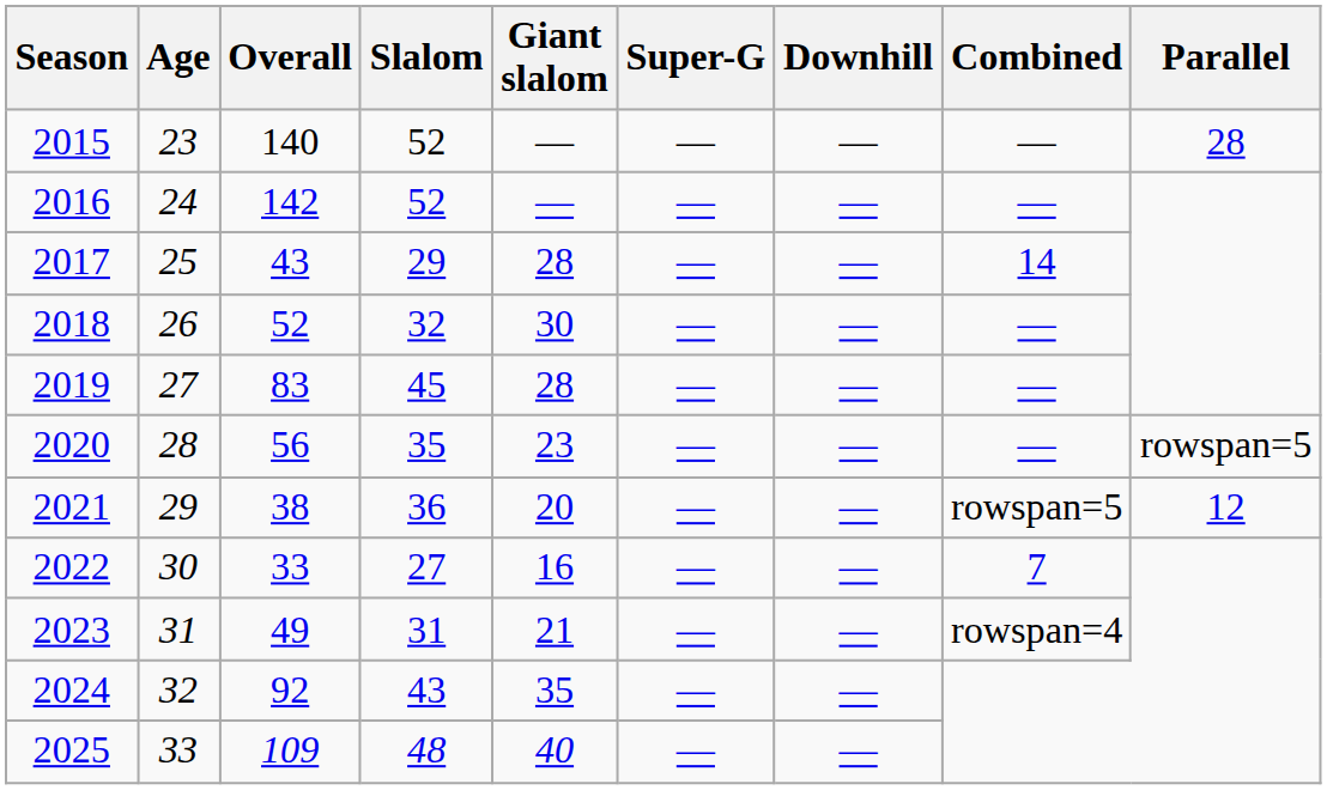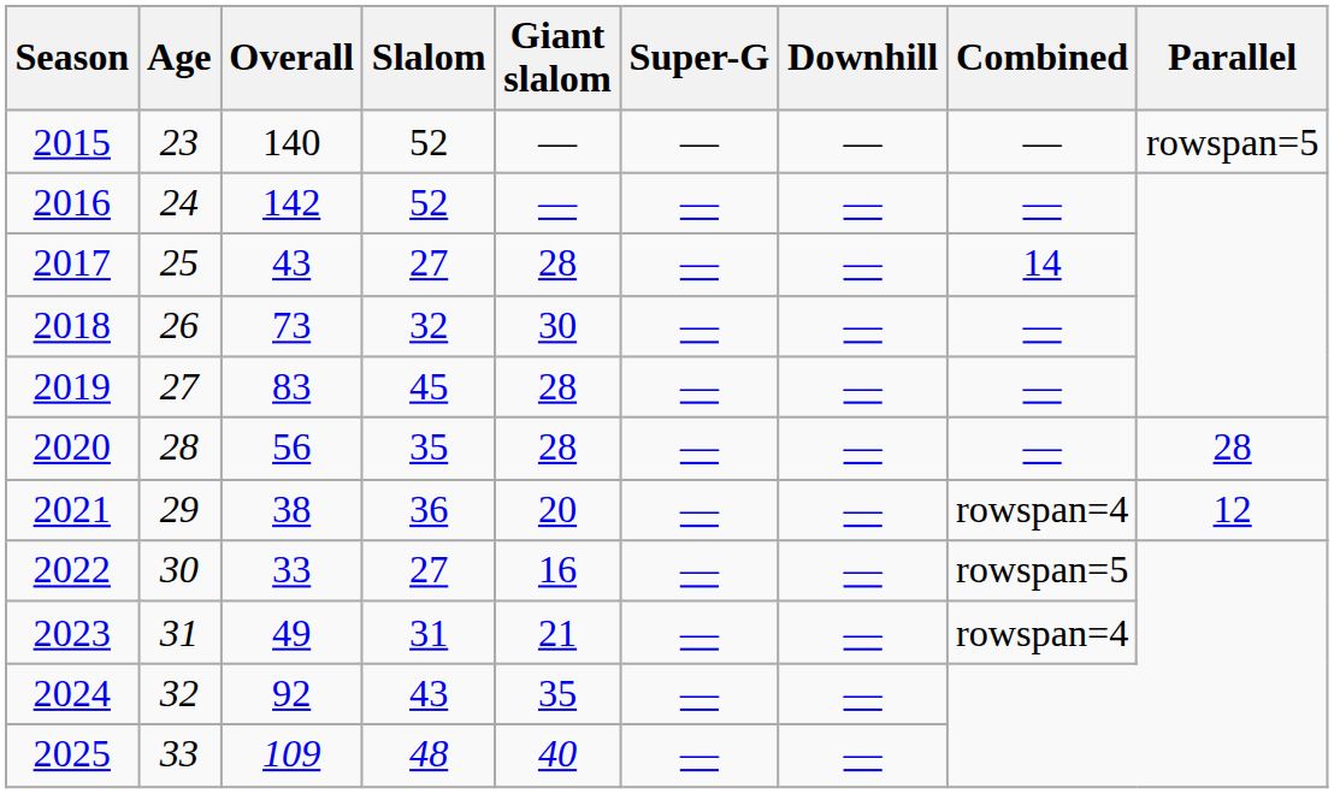 <table class="wikitable" style="text-align:center; font-size:100%;">
 <tr>
 <th>Season</th>
 <th>Age</th>
 <th>Overall</th>
 <th>Slalom</th>
 <th>Giant<br>slalom</th>
 <th>Super-G</th>
 <th>Downhill</th>
 <th>Combined</th>
 <th>Parallel</th>
 </tr>
 <tr>
 <td><a href='#'>2015</a></td>
 <td><em>23</em></td>
 <td>140</td>
 <td>52</td>
 <td>—</td>
 <td>—</td>
 <td>—</td>
 <td>—</td>
-<td><a href='#'>28</a></td>
+<td>rowspan=5 </td>
 </tr>
 <tr>
 <td><a href='#'>2016</a></td>
 <td><em>24</em></td>
 <td><a href='#'>142</a></td>
 <td><a href='#'>52</a></td>
 <td><a href='#'>—</a></td>
 <td><a href='#'>—</a></td>
 <td><a href='#'>—</a></td>
 <td><a href='#'>—</a></td>
 </tr>
 <tr>
 <td><a href='#'>2017</a></td>
 <td><em>25</em></td>
 <td><a href='#'>43</a></td>
-<td><a href='#'>29</a></td>
+<td><a href='#'>27</a></td>
 <td><a href='#'>28</a></td>
 <td><a href='#'>—</a></td>
 <td><a href='#'>—</a></td>
 <td><a href='#'>14</a></td>
 </tr>
 <tr>
 <td><a href='#'>2018</a></td>
 <td><em>26</em></td>
-<td><a href='#'>52</a></td>
+<td><a href='#'>73</a></td>
 <td><a href='#'>32</a></td>
 <td><a href='#'>30</a></td>
 <td><a href='#'>—</a></td>
 <td><a href='#'>—</a></td>
 <td><a href='#'>—</a></td>
 </tr>
 <tr>
 <td><a href='#'>2019</a></td>
 <td><em>27</em></td>
 <td><a href='#'>83</a></td>
 <td><a href='#'>45</a></td>
 <td><a href='#'>28</a></td>
 <td><a href='#'>—</a></td>
 <td><a href='#'>—</a></td>
 <td><a href='#'>—</a></td>
 </tr>
 <tr>
 <td><a href='#'>2020</a></td>
 <td><em>28</em></td>
 <td><a href='#'>56</a></td>
 <td><a href='#'>35</a></td>
-<td><a href='#'>23</a></td>
+<td><a href='#'>28</a></td>
 <td><a href='#'>—</a></td>
 <td><a href='#'>—</a></td>
 <td><a href='#'>—</a></td>
-<td>rowspan=5 </td>
+<td><a href='#'>28</a></td>
 </tr>
 <tr>
 <td><a href='#'>2021</a></td>
 <td><em>29</em></td>
 <td><a href='#'>38</a></td>
 <td><a href='#'>36</a></td>
 <td><a href='#'>20</a></td>
 <td><a href='#'>—</a></td>
 <td><a href='#'>—</a></td>
-<td>rowspan=5 </td>
+<td>rowspan=4 </td>
 <td><a href='#'>12</a></td>
 </tr>
 <tr>
 <td><a href='#'>2022</a></td>
 <td><em>30</em></td>
 <td><a href='#'>33</a></td>
 <td><a href='#'>27</a></td>
 <td><a href='#'>16</a></td>
 <td><a href='#'>—</a></td>
 <td><a href='#'>—</a></td>
-<td><a href='#'>7</a></td>
+<td>rowspan=5 </td>
 </tr>
 <tr>
 <td><a href='#'>2023</a></td>
 <td><em>31</em></td>
 <td><a href='#'>49</a></td>
 <td><a href='#'>31</a></td>
 <td><a href='#'>21</a></td>
 <td><a href='#'>—</a></td>
 <td><a href='#'>—</a></td>
 <td>rowspan=4 </td>
 </tr>
 <tr>
 <td><a href='#'>2024</a></td>
 <td><em>32</em></td>
 <td><a href='#'>92</a></td>
 <td><a href='#'>43</a></td>
 <td><a href='#'>35</a></td>
 <td><a href='#'>—</a></td>
 <td><a href='#'>—</a></td>
 </tr>
 <tr>
 <td><a href='#'>2025</a></td>
 <td><em>33</em></td>
 <td><a href='#'><em>109</em></a></td>
 <td><a href='#'><em>48</em></a></td>
 <td><a href='#'><em>40</em></a></td>
 <td><a href='#'>—</a></td>
 <td><a href='#'>—</a></td>
 </tr>
 </table>
